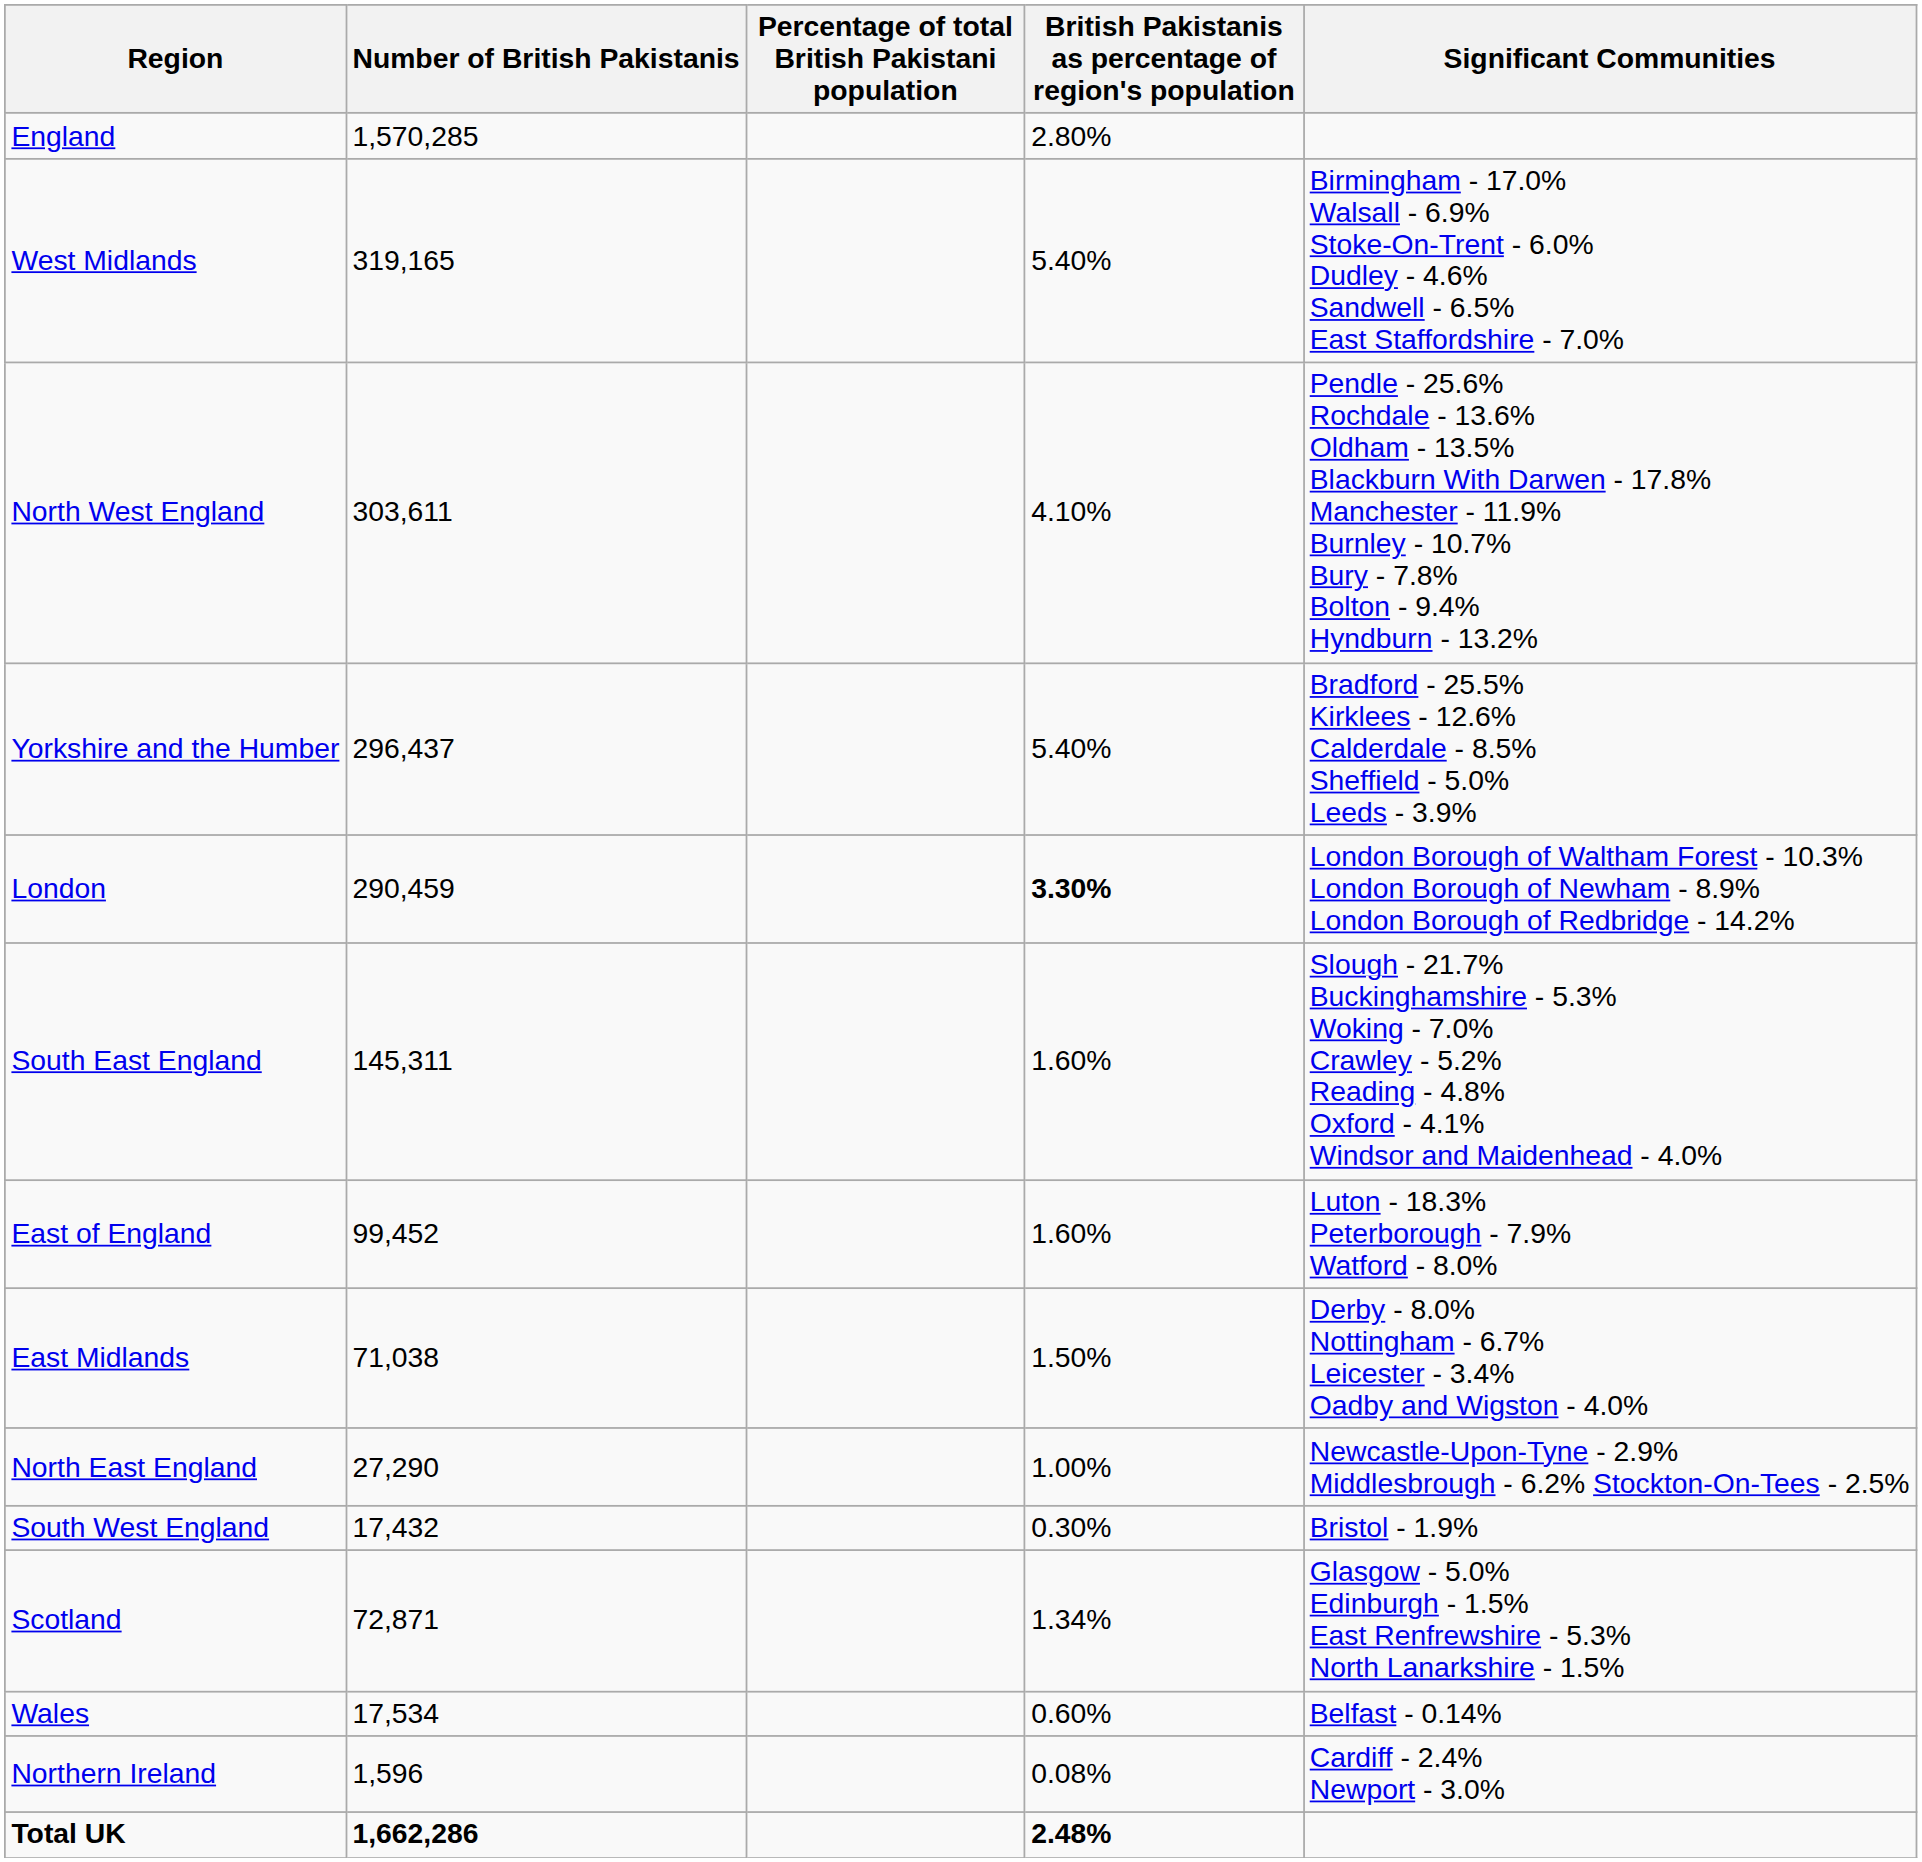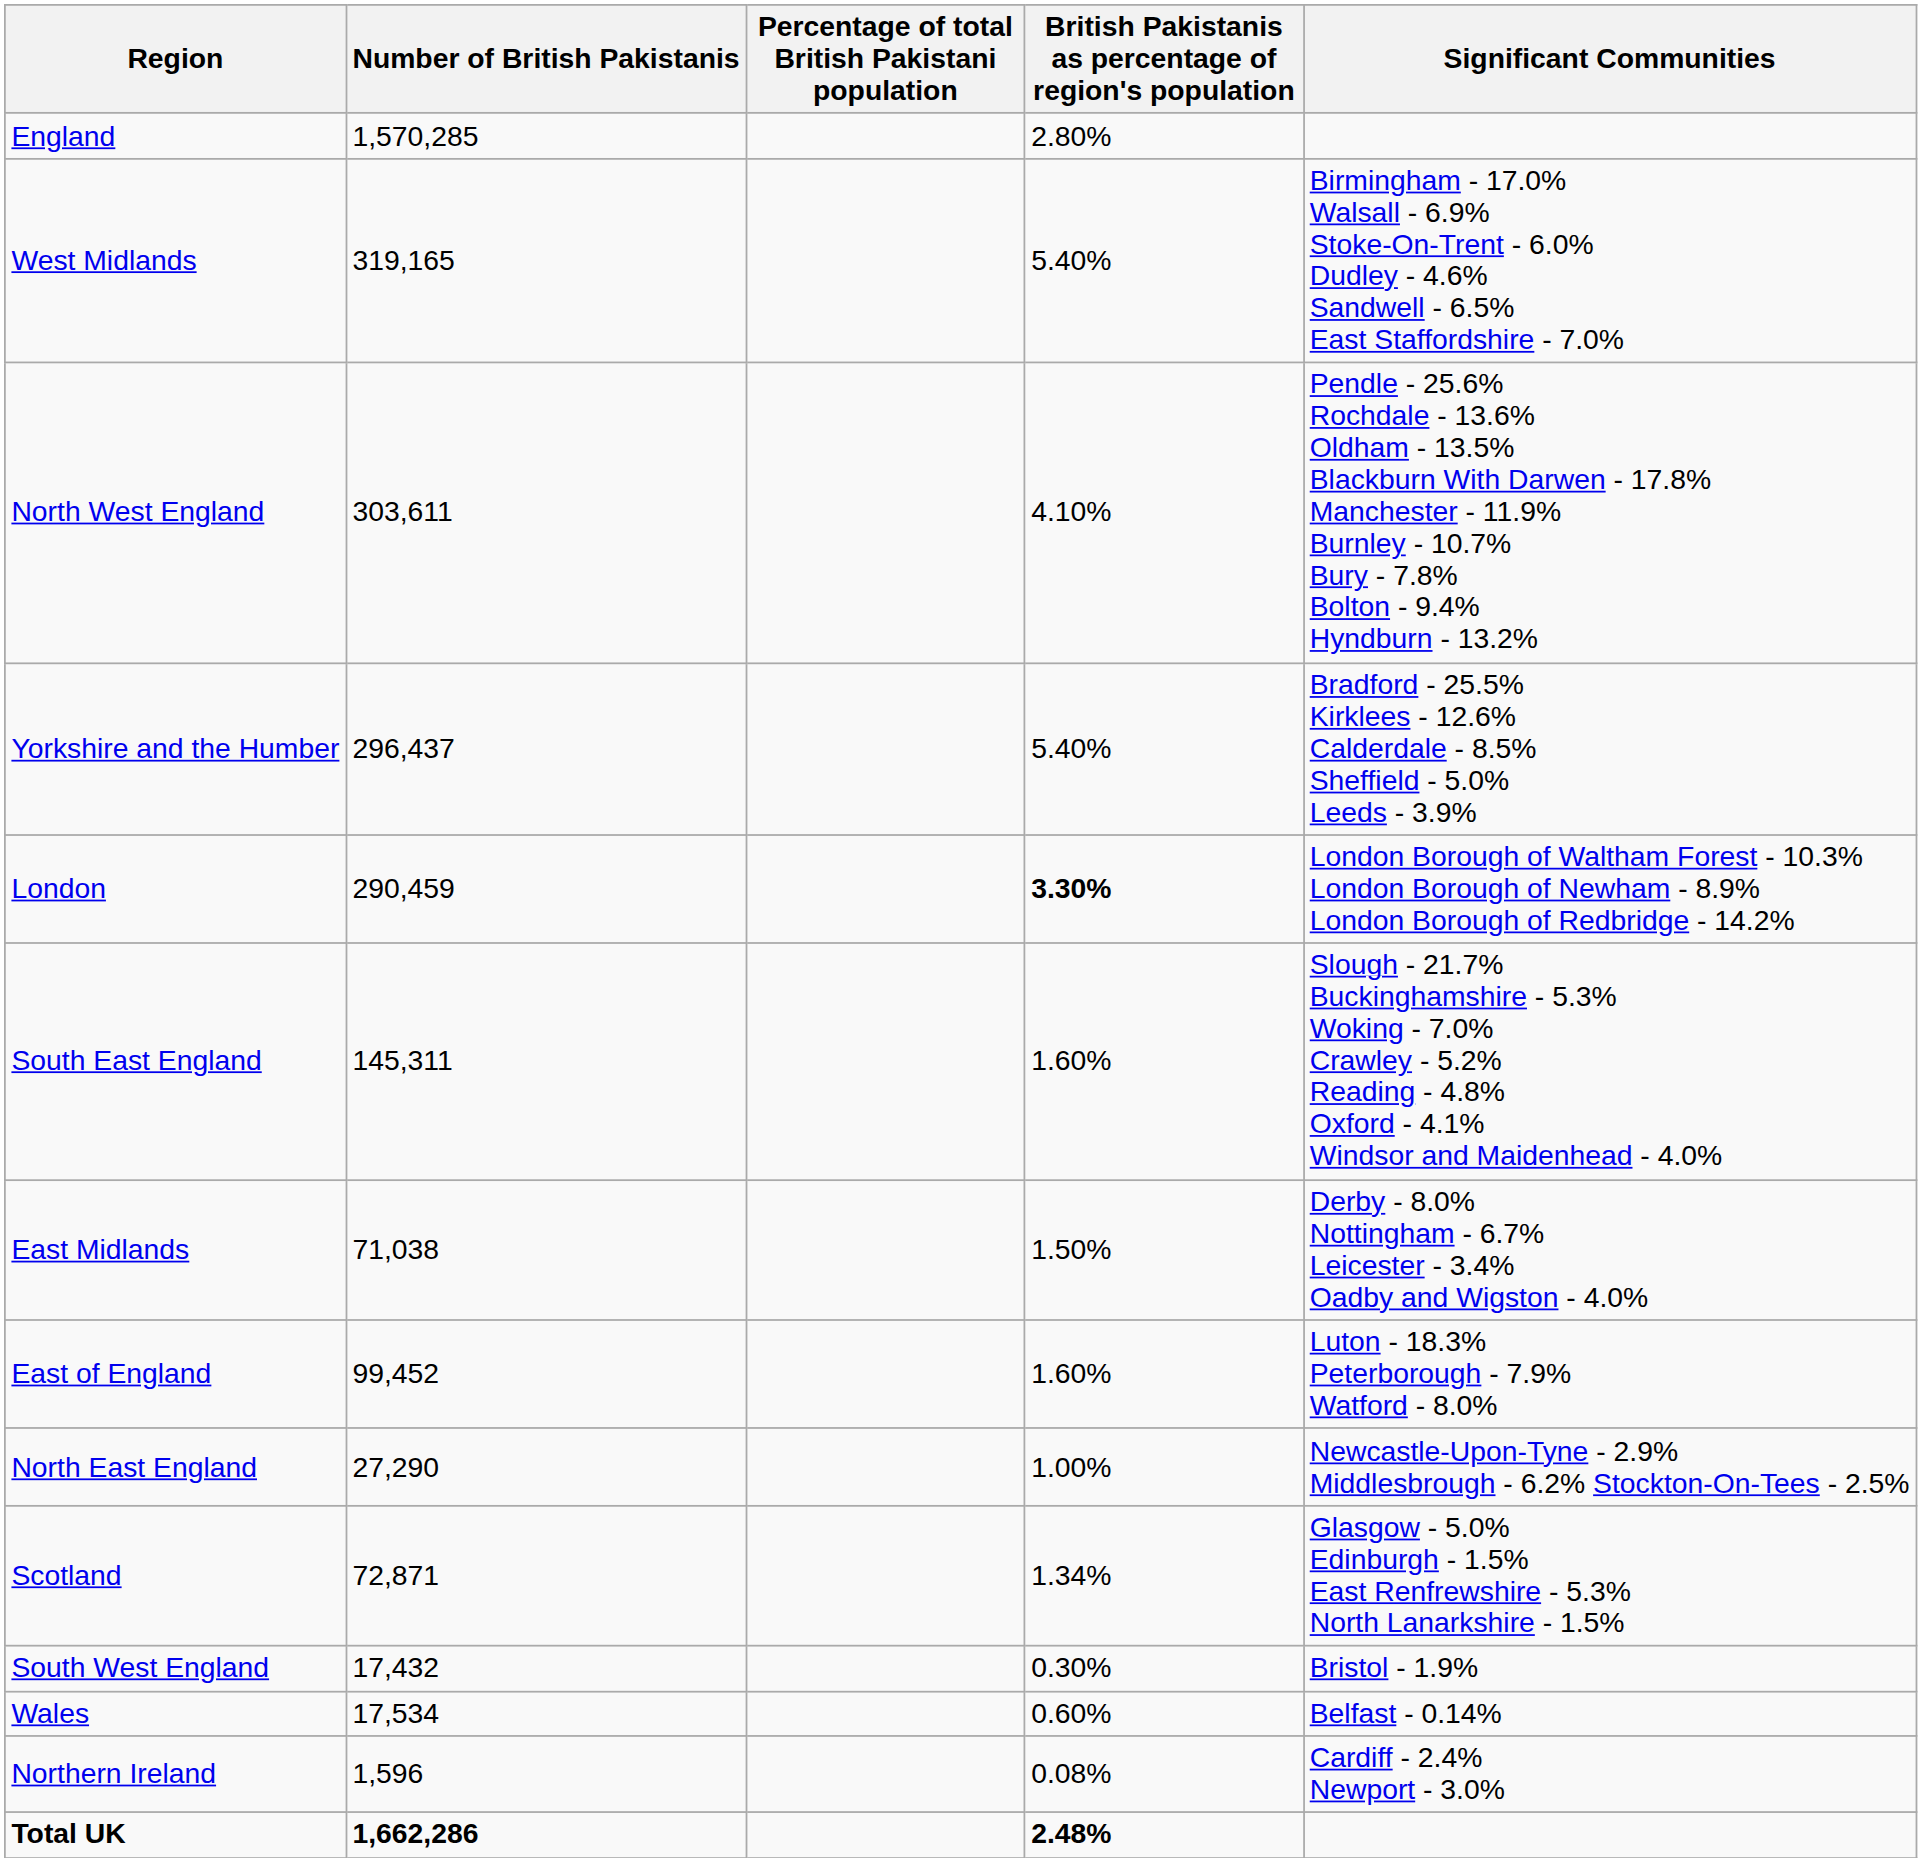 <table class="wikitable sortable">
 <tr>
 <th>Region</th>
 <th>Number of British Pakistanis</th>
 <th scope="col" width="150">Percentage of total British Pakistani population</th>
 <th scope="col" width="150">British Pakistanis as percentage of region's population</th>
 <th>Significant Communities</th>
 </tr>
 <tr>
 <td><a href='#'>England</a></td>
 <td>1,570,285</td>
 <td></td>
 <td>2.80%</td>
 <td></td>
 </tr>
 <tr>
 <td><a href='#'>West Midlands</a></td>
 <td>319,165</td>
 <td></td>
 <td>5.40%</td>
 <td><a href='#'>Birmingham</a> - 17.0%<br><a href='#'>Walsall</a> - 6.9%<br><a href='#'>Stoke-On-Trent</a> - 6.0%<br><a href='#'>Dudley</a> - 4.6%<br><a href='#'>Sandwell</a> - 6.5%<br><a href='#'>East Staffordshire</a> - 7.0%</td>
 </tr>
 <tr>
 <td><a href='#'>North West England</a></td>
 <td>303,611</td>
 <td></td>
 <td>4.10%</td>
 <td><a href='#'>Pendle</a> - 25.6%<br><a href='#'>Rochdale</a> - 13.6%<br><a href='#'>Oldham</a> - 13.5%<br><a href='#'>Blackburn With Darwen</a> - 17.8%<br><a href='#'>Manchester</a> - 11.9%<br><a href='#'>Burnley</a> - 10.7%<br><a href='#'>Bury</a> - 7.8%<br><a href='#'>Bolton</a> - 9.4%<br><a href='#'>Hyndburn</a> - 13.2%</td>
 </tr>
 <tr>
 <td><a href='#'>Yorkshire and the Humber</a></td>
 <td>296,437</td>
 <td></td>
 <td>5.40%</td>
 <td><a href='#'>Bradford</a> - 25.5%<br><a href='#'>Kirklees</a> - 12.6%<br><a href='#'>Calderdale</a> - 8.5%<br><a href='#'>Sheffield</a> - 5.0%<br><a href='#'>Leeds</a> - 3.9%</td>
 </tr>
 <tr>
 <td><a href='#'>London</a></td>
 <td>290,459</td>
 <td></td>
 <td><strong>3.30%</strong></td>
 <td><a href='#'>London Borough of Waltham Forest</a> - 10.3%<br><a href='#'>London Borough of Newham</a> - 8.9%<br><a href='#'>London Borough of Redbridge</a> - 14.2%</td>
 </tr>
 <tr>
 <td><a href='#'>South East England</a></td>
 <td>145,311</td>
 <td></td>
 <td>1.60%</td>
 <td><a href='#'>Slough</a> - 21.7%<br><a href='#'>Buckinghamshire</a> - 5.3%<br><a href='#'>Woking</a> - 7.0%<br><a href='#'>Crawley</a> - 5.2%<br><a href='#'>Reading</a> - 4.8%<br><a href='#'>Oxford</a> - 4.1%<br><a href='#'>Windsor and Maidenhead</a> - 4.0%</td>
 </tr>
 <tr>
+<td><a href='#'>East Midlands</a></td>
+<td>71,038</td>
+<td></td>
+<td>1.50%</td>
+<td><a href='#'>Derby</a> - 8.0%<br><a href='#'>Nottingham</a> - 6.7%<br><a href='#'>Leicester</a> - 3.4%<br><a href='#'>Oadby and Wigston</a> - 4.0%</td>
+</tr>
+<tr>
 <td><a href='#'>East of England</a></td>
 <td>99,452</td>
 <td></td>
 <td>1.60%</td>
 <td><a href='#'>Luton</a> - 18.3%<br><a href='#'>Peterborough</a> - 7.9%<br><a href='#'>Watford</a> - 8.0%</td>
-</tr>
-<tr>
-<td><a href='#'>East Midlands</a></td>
-<td>71,038</td>
-<td></td>
-<td>1.50%</td>
-<td><a href='#'>Derby</a> - 8.0%<br><a href='#'>Nottingham</a> - 6.7%<br><a href='#'>Leicester</a> - 3.4%<br><a href='#'>Oadby and Wigston</a> - 4.0%</td>
 </tr>
 <tr>
 <td><a href='#'>North East England</a></td>
 <td>27,290</td>
 <td></td>
 <td>1.00%</td>
 <td><a href='#'>Newcastle-Upon-Tyne</a> - 2.9%<br><a href='#'>Middlesbrough</a> - 6.2% <a href='#'>Stockton-On-Tees</a> - 2.5%</td>
 </tr>
 <tr>
+<td><a href='#'>Scotland</a></td>
+<td>72,871</td>
+<td></td>
+<td>1.34%</td>
+<td><a href='#'>Glasgow</a> - 5.0%<br><a href='#'>Edinburgh</a> - 1.5%<br><a href='#'>East Renfrewshire</a> - 5.3%<br><a href='#'>North Lanarkshire</a> - 1.5%</td>
+</tr>
+<tr>
 <td><a href='#'>South West England</a></td>
 <td>17,432</td>
 <td></td>
 <td>0.30%</td>
 <td><a href='#'>Bristol</a> - 1.9%</td>
-</tr>
-<tr>
-<td><a href='#'>Scotland</a></td>
-<td>72,871</td>
-<td></td>
-<td>1.34%</td>
-<td><a href='#'>Glasgow</a> - 5.0%<br><a href='#'>Edinburgh</a> - 1.5%<br><a href='#'>East Renfrewshire</a> - 5.3%<br><a href='#'>North Lanarkshire</a> - 1.5%</td>
 </tr>
 <tr>
 <td><a href='#'>Wales</a></td>
 <td>17,534</td>
 <td></td>
 <td>0.60%</td>
 <td><a href='#'>Belfast</a> - 0.14%</td>
 </tr>
 <tr>
 <td><a href='#'>Northern Ireland</a></td>
 <td>1,596</td>
 <td></td>
 <td>0.08%</td>
 <td><a href='#'>Cardiff</a> - 2.4%<br><a href='#'>Newport</a> - 3.0%</td>
 </tr>
 <tr>
 <td><strong>Total UK</strong></td>
 <td><strong>1,662,286</strong></td>
 <td></td>
 <td><strong>2.48%</strong></td>
 <td></td>
 </tr>
 </table>
